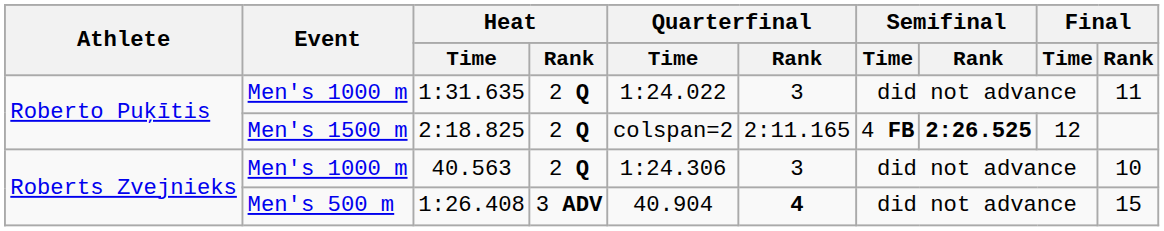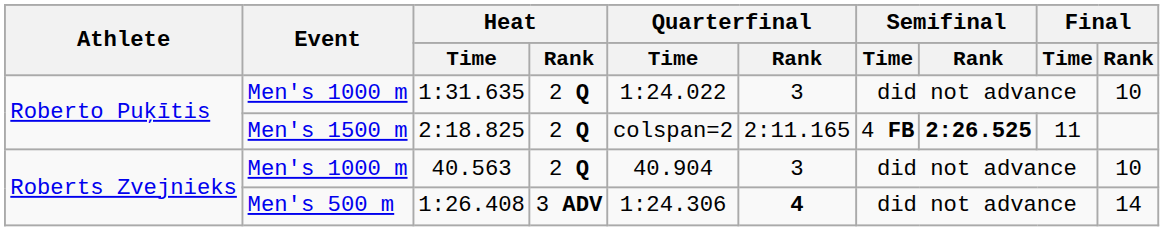 <table class="wikitable" style="font-size:90%">
 <tr>
 <th rowspan=2>Athlete</th>
 <th rowspan=2>Event</th>
 <th colspan=2>Heat</th>
 <th colspan=2>Quarterfinal</th>
 <th colspan=2>Semifinal</th>
 <th colspan=2>Final</th>
 </tr>
 <tr style="font-size:95%">
 <th>Time</th>
 <th>Rank</th>
 <th>Time</th>
 <th>Rank</th>
 <th>Time</th>
 <th>Rank</th>
 <th>Time</th>
 <th>Rank</th>
 </tr>
 <tr align=center>
 <td align=left rowspan=2><a href='#'>Roberto Puķītis</a></td>
 <td align=left><a href='#'>Men's 1000 m</a></td>
 <td>1:31.635</td>
 <td>2 <strong>Q</strong></td>
 <td>1:24.022</td>
 <td>3</td>
 <td colspan=3>did not advance</td>
-<td>11</td>
+<td>10</td>
 </tr>
 <tr align=center>
 <td align=left><a href='#'>Men's 1500 m</a></td>
 <td>2:18.825</td>
 <td>2 <strong>Q</strong></td>
 <td>colspan=2 </td>
 <td>2:11.165</td>
 <td>4 <strong>FB</strong></td>
 <td><strong>2:26.525</strong></td>
-<td>12</td>
+<td>11</td>
 </tr>
 <tr align=center>
 <td align=left rowspan=2><a href='#'>Roberts Zvejnieks</a></td>
 <td align=left><a href='#'>Men's 1000 m</a></td>
 <td>40.563</td>
 <td>2 <strong>Q</strong></td>
-<td>1:24.306</td>
+<td>40.904</td>
 <td>3</td>
 <td colspan=3>did not advance</td>
 <td>10</td>
 </tr>
 <tr align=center>
 <td align=left><a href='#'>Men's 500 m</a></td>
 <td>1:26.408</td>
 <td>3  <strong>ADV</strong></td>
-<td>40.904</td>
+<td>1:24.306</td>
 <td><strong>4</strong></td>
 <td colspan=3>did not advance</td>
-<td>15</td>
+<td>14</td>
 </tr>
 </table>
